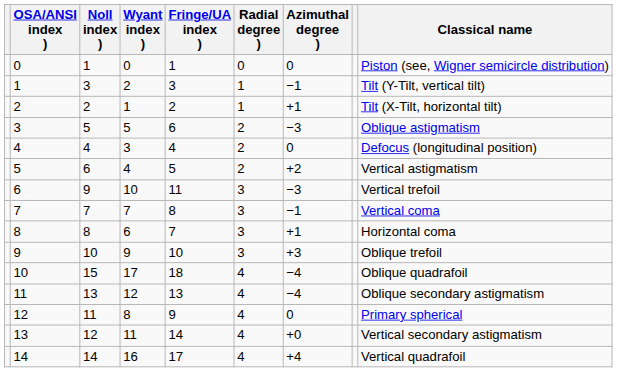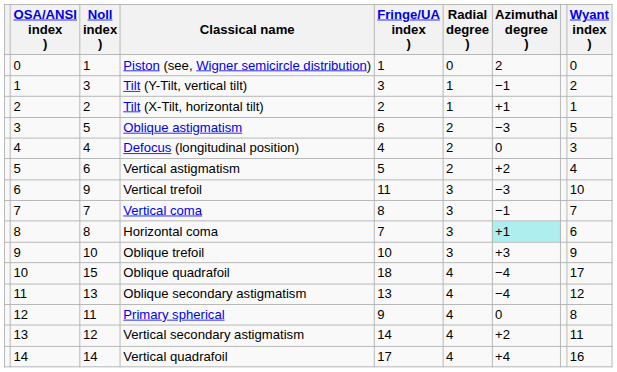 <table class="wikitable sortable">
 <tr>
 <th></th>
 <th><a href='#'>OSA/ANSI</a><br>index<br>)</th>
 <th><a href='#'>Noll</a><br>index<br>)</th>
-<th><a href='#'>Wyant</a><br>index<br>)</th>
+<th>Classical name</th>
 <th><a href='#'>Fringe/UA</a><br>index<br>)</th>
 <th>Radial<br>degree<br>)</th>
 <th>Azimuthal<br>degree<br>)</th>
 <th></th>
-<th>Classical name</th>
+<th><a href='#'>Wyant</a><br>index<br>)</th>
 </tr>
 <tr>
 <td></td>
 <td>0</td>
 <td>1</td>
-<td>0</td>
+<td><a href='#'>Piston</a> (see, <a href='#'>Wigner semicircle distribution</a>)</td>
 <td>1</td>
 <td>0</td>
+<td>2</td>
+<td></td>
 <td>0</td>
-<td></td>
-<td><a href='#'>Piston</a> (see, <a href='#'>Wigner semicircle distribution</a>)</td>
 </tr>
 <tr>
 <td></td>
 <td>1</td>
 <td>3</td>
-<td>2</td>
+<td><a href='#'>Tilt</a> (Y-Tilt, vertical tilt)</td>
 <td>3</td>
 <td>1</td>
 <td>−1</td>
 <td></td>
-<td><a href='#'>Tilt</a> (Y-Tilt, vertical tilt)</td>
+<td>2</td>
 </tr>
 <tr>
 <td></td>
 <td>2</td>
 <td>2</td>
-<td>1</td>
+<td><a href='#'>Tilt</a> (X-Tilt, horizontal tilt)</td>
 <td>2</td>
 <td>1</td>
 <td>+1</td>
 <td></td>
-<td><a href='#'>Tilt</a> (X-Tilt, horizontal tilt)</td>
+<td>1</td>
 </tr>
 <tr>
 <td></td>
 <td>3</td>
 <td>5</td>
-<td>5</td>
+<td><a href='#'>Oblique astigmatism</a></td>
 <td>6</td>
 <td>2</td>
 <td>−3</td>
 <td></td>
-<td><a href='#'>Oblique astigmatism</a></td>
+<td>5</td>
 </tr>
 <tr>
 <td></td>
 <td>4</td>
 <td>4</td>
-<td>3</td>
+<td><a href='#'>Defocus</a> (longitudinal position)</td>
 <td>4</td>
 <td>2</td>
 <td>0</td>
 <td></td>
-<td><a href='#'>Defocus</a> (longitudinal position)</td>
+<td>3</td>
 </tr>
 <tr>
 <td></td>
 <td>5</td>
 <td>6</td>
-<td>4</td>
+<td>Vertical astigmatism</td>
 <td>5</td>
 <td>2</td>
 <td>+2</td>
 <td></td>
-<td>Vertical astigmatism</td>
+<td>4</td>
 </tr>
 <tr>
 <td></td>
 <td>6</td>
 <td>9</td>
-<td>10</td>
+<td>Vertical trefoil</td>
 <td>11</td>
 <td>3</td>
 <td>−3</td>
 <td></td>
-<td>Vertical trefoil</td>
+<td>10</td>
 </tr>
 <tr>
 <td></td>
 <td>7</td>
 <td>7</td>
-<td>7</td>
+<td><a href='#'>Vertical coma</a></td>
 <td>8</td>
 <td>3</td>
 <td>−1</td>
 <td></td>
-<td><a href='#'>Vertical coma</a></td>
+<td>7</td>
 </tr>
 <tr>
 <td></td>
 <td>8</td>
 <td>8</td>
-<td>6</td>
+<td>Horizontal coma</td>
 <td>7</td>
 <td>3</td>
-<td>+1</td>
+<td style="background: paleturquoise;">+1</td>
 <td></td>
-<td>Horizontal coma</td>
+<td>6</td>
 </tr>
 <tr>
 <td></td>
 <td>9</td>
 <td>10</td>
-<td>9</td>
+<td>Oblique trefoil</td>
 <td>10</td>
 <td>3</td>
 <td>+3</td>
 <td></td>
-<td>Oblique trefoil</td>
+<td>9</td>
 </tr>
 <tr>
 <td></td>
 <td>10</td>
 <td>15</td>
-<td>17</td>
+<td>Oblique quadrafoil</td>
 <td>18</td>
 <td>4</td>
 <td>−4</td>
 <td></td>
-<td>Oblique quadrafoil</td>
+<td>17</td>
 </tr>
 <tr>
 <td></td>
 <td>11</td>
 <td>13</td>
-<td>12</td>
+<td>Oblique secondary astigmatism</td>
 <td>13</td>
 <td>4</td>
 <td>−4</td>
 <td></td>
-<td>Oblique secondary astigmatism</td>
+<td>12</td>
 </tr>
 <tr>
 <td></td>
 <td>12</td>
 <td>11</td>
-<td>8</td>
+<td><a href='#'>Primary spherical</a></td>
 <td>9</td>
 <td>4</td>
 <td>0</td>
 <td></td>
-<td><a href='#'>Primary spherical</a></td>
+<td>8</td>
 </tr>
 <tr>
 <td></td>
 <td>13</td>
 <td>12</td>
-<td>11</td>
+<td>Vertical secondary astigmatism</td>
 <td>14</td>
 <td>4</td>
-<td>+0</td>
+<td>+2</td>
 <td></td>
-<td>Vertical secondary astigmatism</td>
+<td>11</td>
 </tr>
 <tr>
 <td></td>
 <td>14</td>
 <td>14</td>
-<td>16</td>
+<td>Vertical quadrafoil</td>
 <td>17</td>
 <td>4</td>
 <td>+4</td>
 <td></td>
-<td>Vertical quadrafoil</td>
+<td>16</td>
 </tr>
 </table>
